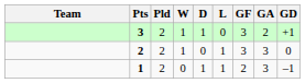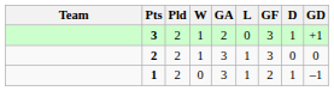 <table class=wikitable style="text-align:center">
 <tr>
 <th width=165>Team</th>
 <th width=20>Pts</th>
 <th width=20>Pld</th>
 <th width=20>W</th>
-<th width=20>D</th>
+<th width=20>GA</th>
 <th width=20>L</th>
 <th width=20>GF</th>
-<th width=20>GA</th>
+<th width=20>D</th>
 <th width=20>GD</th>
 </tr>
 <tr align=center style="background:#ccffcc;">
 <td style="text-align:left;"></td>
 <td><strong>3</strong></td>
 <td>2</td>
 <td>1</td>
-<td>1</td>
+<td>2</td>
 <td>0</td>
 <td>3</td>
-<td>2</td>
+<td>1</td>
 <td>+1</td>
 </tr>
 <tr align=center>
 <td style="text-align:left;"></td>
 <td><strong>2</strong></td>
 <td>2</td>
 <td>1</td>
-<td>0</td>
+<td>3</td>
 <td>1</td>
 <td>3</td>
-<td>3</td>
+<td>0</td>
 <td>0</td>
 </tr>
 <tr align=center>
 <td style="text-align:left;"></td>
 <td><strong>1</strong></td>
 <td>2</td>
 <td>0</td>
-<td>1</td>
+<td>3</td>
 <td>1</td>
 <td>2</td>
-<td>3</td>
+<td>1</td>
 <td>–1</td>
 </tr>
 </table>
